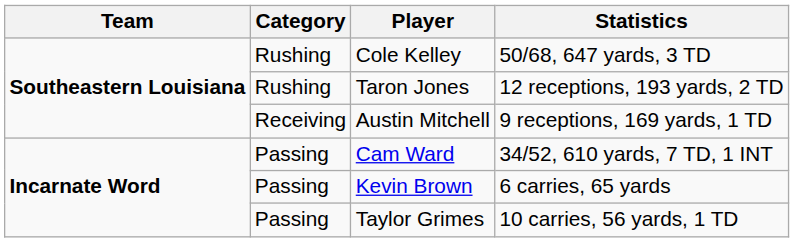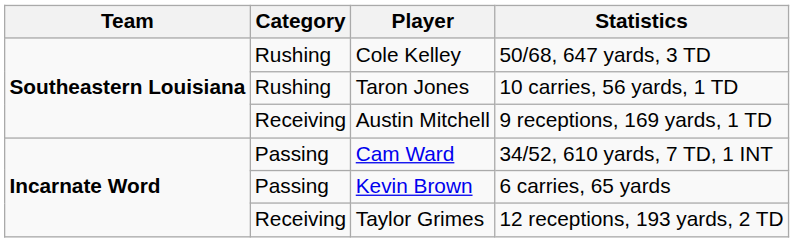 <table class="wikitable" style="float: left;">
 <tr>
 <th>Team</th>
 <th>Category</th>
 <th>Player</th>
 <th>Statistics</th>
 </tr>
 <tr>
 <td rowspan=3><strong>Southeastern Louisiana</strong></td>
 <td>Rushing</td>
 <td>Cole Kelley</td>
 <td>50/68, 647 yards, 3 TD</td>
 </tr>
 <tr>
 <td>Rushing</td>
 <td>Taron Jones</td>
-<td>12 receptions, 193 yards, 2 TD</td>
+<td>10 carries, 56 yards, 1 TD</td>
 </tr>
 <tr>
 <td>Receiving</td>
 <td>Austin Mitchell</td>
 <td>9 receptions, 169 yards, 1 TD</td>
 </tr>
 <tr>
 <td rowspan=3><strong>Incarnate Word</strong></td>
 <td>Passing</td>
 <td><a href='#'>Cam Ward</a></td>
 <td>34/52, 610 yards, 7 TD, 1 INT</td>
 </tr>
 <tr>
 <td>Passing</td>
 <td><a href='#'>Kevin Brown</a></td>
 <td>6 carries, 65 yards</td>
 </tr>
 <tr>
-<td>Passing</td>
+<td>Receiving</td>
 <td>Taylor Grimes</td>
-<td>10 carries, 56 yards, 1 TD</td>
+<td>12 receptions, 193 yards, 2 TD</td>
 </tr>
 </table>
